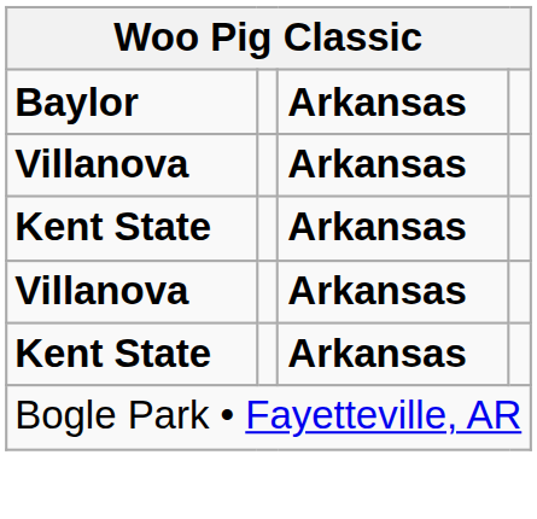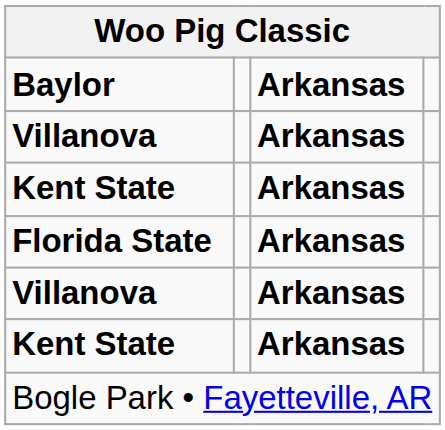 <table class="wikitable" style="float:right">
 <tr>
 <th colspan=4>Woo Pig Classic</th>
 </tr>
 <tr>
 <td><strong>Baylor</strong></td>
 <td></td>
 <td><strong>Arkansas</strong></td>
 <td></td>
 </tr>
 <tr>
 <td><strong>Villanova</strong></td>
 <td></td>
 <td><strong>Arkansas</strong></td>
 <td></td>
 </tr>
 <tr>
 <td><strong>Kent State</strong></td>
 <td></td>
 <td><strong>Arkansas</strong></td>
 <td></td>
 </tr>
 <tr>
+<td><strong>Florida State</strong></td>
+<td></td>
+<td><strong>Arkansas</strong></td>
+<td></td>
+</tr>
+<tr>
 <td><strong>Villanova</strong></td>
 <td></td>
 <td><strong>Arkansas</strong></td>
 <td></td>
 </tr>
 <tr>
 <td><strong>Kent State</strong></td>
 <td></td>
 <td><strong>Arkansas</strong></td>
 <td></td>
 </tr>
 <tr>
 <td colspan=4 style="text-align:center">Bogle Park • <a href='#'>Fayetteville, AR</a></td>
 </tr>
 </table>
